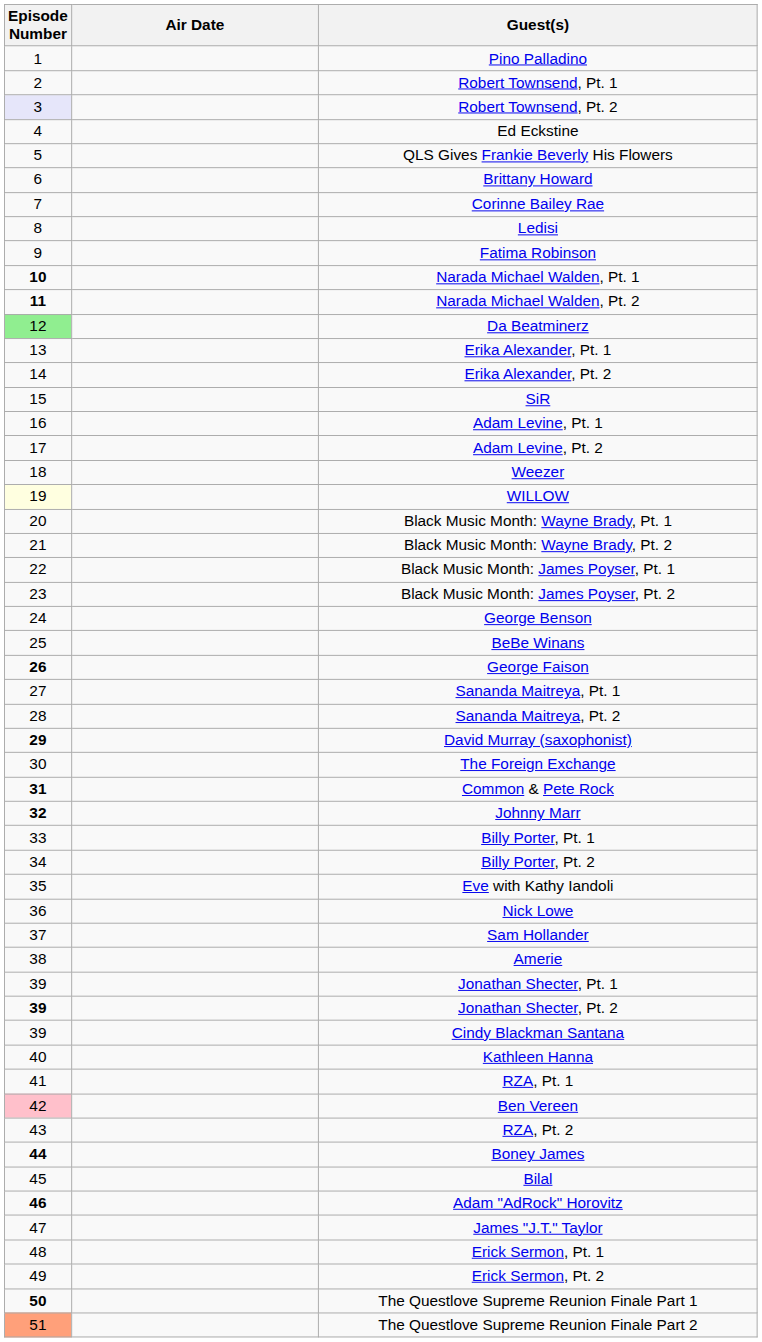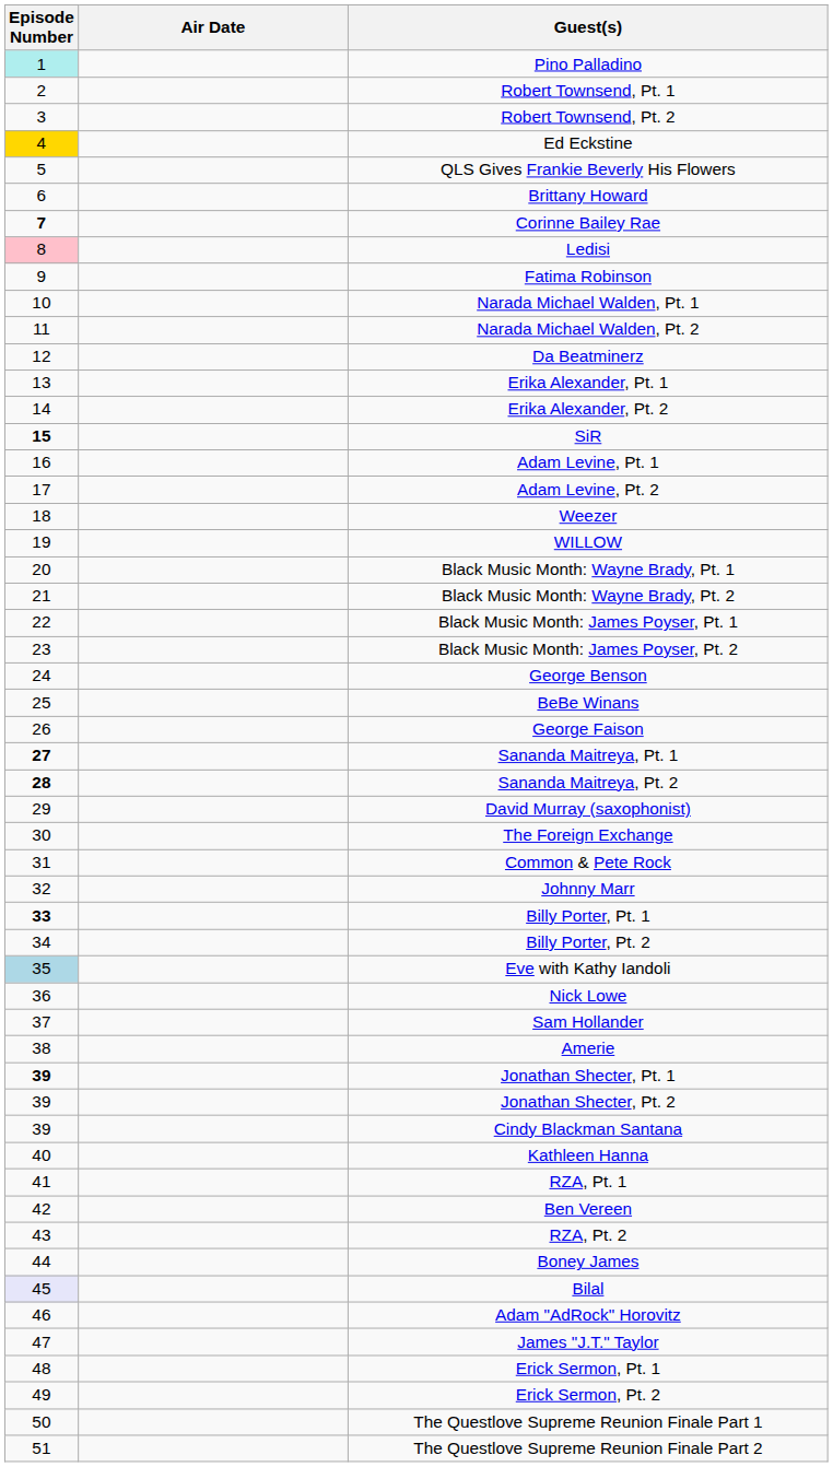 <table class="wikitable" style="text-align: center;">
 <tr>
 <th scope="col" style="width: 20px;">Episode Number</th>
 <th scope="col" style="width: 250px;">Air Date</th>
 <th scope="col" style="width: 450px;">Guest(s)</th>
 </tr>
 <tr>
-<td>1</td>
+<td style="background: paleturquoise;">1</td>
 <td></td>
 <td><a href='#'>Pino Palladino</a></td>
 </tr>
 <tr>
 <td>2</td>
 <td></td>
 <td><a href='#'>Robert Townsend</a>, Pt. 1</td>
 </tr>
 <tr>
-<td style="background: lavender;">3</td>
+<td>3</td>
 <td></td>
 <td><a href='#'>Robert Townsend</a>, Pt. 2</td>
 </tr>
 <tr>
-<td>4</td>
+<td style="background: gold;">4</td>
 <td></td>
 <td>Ed Eckstine</td>
 </tr>
 <tr>
 <td>5</td>
 <td></td>
 <td>QLS Gives <a href='#'>Frankie Beverly</a> His Flowers</td>
 </tr>
 <tr>
 <td>6</td>
 <td></td>
 <td><a href='#'>Brittany Howard</a></td>
 </tr>
 <tr>
-<td>7</td>
+<td><strong>7</strong></td>
 <td></td>
 <td><a href='#'>Corinne Bailey Rae</a></td>
 </tr>
 <tr>
-<td>8</td>
+<td style="background: pink;">8</td>
 <td></td>
 <td><a href='#'>Ledisi</a></td>
 </tr>
 <tr>
 <td>9</td>
 <td></td>
 <td><a href='#'>Fatima Robinson</a></td>
 </tr>
 <tr>
-<td><strong>10</strong></td>
+<td>10</td>
 <td></td>
 <td><a href='#'>Narada Michael Walden</a>, Pt. 1</td>
 </tr>
 <tr>
-<td><strong>11</strong></td>
+<td>11</td>
 <td></td>
 <td><a href='#'>Narada Michael Walden</a>, Pt. 2</td>
 </tr>
 <tr>
-<td style="background: lightgreen;">12</td>
+<td>12</td>
 <td></td>
 <td><a href='#'>Da Beatminerz</a></td>
 </tr>
 <tr>
 <td>13</td>
 <td></td>
 <td><a href='#'>Erika Alexander</a>, Pt. 1</td>
 </tr>
 <tr>
 <td>14</td>
 <td></td>
 <td><a href='#'>Erika Alexander</a>, Pt. 2</td>
 </tr>
 <tr>
-<td>15</td>
+<td><strong>15</strong></td>
 <td></td>
 <td><a href='#'>SiR</a></td>
 </tr>
 <tr>
 <td>16</td>
 <td></td>
 <td><a href='#'>Adam Levine</a>, Pt. 1</td>
 </tr>
 <tr>
 <td>17</td>
 <td></td>
 <td><a href='#'>Adam Levine</a>, Pt. 2</td>
 </tr>
 <tr>
 <td>18</td>
 <td></td>
 <td><a href='#'>Weezer</a></td>
 </tr>
 <tr>
-<td style="background: lightyellow;">19</td>
+<td>19</td>
 <td></td>
 <td><a href='#'>WILLOW</a></td>
 </tr>
 <tr>
 <td>20</td>
 <td></td>
 <td>Black Music Month: <a href='#'>Wayne Brady</a>, Pt. 1</td>
 </tr>
 <tr>
 <td>21</td>
 <td></td>
 <td>Black Music Month: <a href='#'>Wayne Brady</a>, Pt. 2</td>
 </tr>
 <tr>
 <td>22</td>
 <td></td>
 <td>Black Music Month: <a href='#'>James Poyser</a>, Pt. 1</td>
 </tr>
 <tr>
 <td>23</td>
 <td></td>
 <td>Black Music Month: <a href='#'>James Poyser</a>, Pt. 2</td>
 </tr>
 <tr>
 <td>24</td>
 <td></td>
 <td><a href='#'>George Benson</a></td>
 </tr>
 <tr>
 <td>25</td>
 <td></td>
 <td><a href='#'>BeBe Winans</a></td>
 </tr>
 <tr>
-<td><strong>26</strong></td>
+<td>26</td>
 <td></td>
 <td><a href='#'>George Faison</a></td>
 </tr>
 <tr>
-<td>27</td>
+<td><strong>27</strong></td>
 <td></td>
 <td><a href='#'>Sananda Maitreya</a>, Pt. 1</td>
 </tr>
 <tr>
-<td>28</td>
+<td><strong>28</strong></td>
 <td></td>
 <td><a href='#'>Sananda Maitreya</a>, Pt. 2</td>
 </tr>
 <tr>
-<td><strong>29</strong></td>
+<td>29</td>
 <td></td>
 <td><a href='#'>David Murray (saxophonist)</a></td>
 </tr>
 <tr>
 <td>30</td>
 <td></td>
 <td><a href='#'>The Foreign Exchange</a></td>
 </tr>
 <tr>
-<td><strong>31</strong></td>
+<td>31</td>
 <td></td>
 <td><a href='#'>Common</a> & <a href='#'>Pete Rock</a></td>
 </tr>
 <tr>
-<td><strong>32</strong></td>
+<td>32</td>
 <td></td>
 <td><a href='#'>Johnny Marr</a></td>
 </tr>
 <tr>
-<td>33</td>
+<td><strong>33</strong></td>
 <td></td>
 <td><a href='#'>Billy Porter</a>, Pt. 1</td>
 </tr>
 <tr>
 <td>34</td>
 <td></td>
 <td><a href='#'>Billy Porter</a>, Pt. 2</td>
 </tr>
 <tr>
-<td>35</td>
+<td style="background: lightblue;">35</td>
 <td></td>
 <td><a href='#'>Eve</a> with Kathy Iandoli</td>
 </tr>
 <tr>
 <td>36</td>
 <td></td>
 <td><a href='#'>Nick Lowe</a></td>
 </tr>
 <tr>
 <td>37</td>
 <td></td>
 <td><a href='#'>Sam Hollander</a></td>
 </tr>
 <tr>
 <td>38</td>
 <td></td>
 <td><a href='#'>Amerie</a></td>
 </tr>
 <tr>
-<td>39</td>
+<td><strong>39</strong></td>
 <td></td>
 <td><a href='#'>Jonathan Shecter</a>, Pt. 1</td>
 </tr>
 <tr>
-<td><strong>39</strong></td>
+<td>39</td>
 <td></td>
 <td><a href='#'>Jonathan Shecter</a>, Pt. 2</td>
 </tr>
 <tr>
 <td>39</td>
 <td></td>
 <td><a href='#'>Cindy Blackman Santana</a></td>
 </tr>
 <tr>
 <td>40</td>
 <td></td>
 <td><a href='#'>Kathleen Hanna</a></td>
 </tr>
 <tr>
 <td>41</td>
 <td></td>
 <td><a href='#'>RZA</a>, Pt. 1</td>
 </tr>
 <tr>
-<td style="background: pink;">42</td>
+<td>42</td>
 <td></td>
 <td><a href='#'>Ben Vereen</a></td>
 </tr>
 <tr>
 <td>43</td>
 <td></td>
 <td><a href='#'>RZA</a>, Pt. 2</td>
 </tr>
 <tr>
-<td><strong>44</strong></td>
+<td>44</td>
 <td></td>
 <td><a href='#'>Boney James</a></td>
 </tr>
 <tr>
-<td>45</td>
+<td style="background: lavender;">45</td>
 <td></td>
 <td><a href='#'>Bilal</a></td>
 </tr>
 <tr>
-<td><strong>46</strong></td>
+<td>46</td>
 <td></td>
 <td><a href='#'>Adam "AdRock" Horovitz</a></td>
 </tr>
 <tr>
 <td>47</td>
 <td></td>
 <td><a href='#'>James "J.T." Taylor</a></td>
 </tr>
 <tr>
 <td>48</td>
 <td></td>
 <td><a href='#'>Erick Sermon</a>, Pt. 1</td>
 </tr>
 <tr>
 <td>49</td>
 <td></td>
 <td><a href='#'>Erick Sermon</a>, Pt. 2</td>
 </tr>
 <tr>
-<td><strong>50</strong></td>
+<td>50</td>
 <td></td>
 <td>The Questlove Supreme Reunion Finale Part 1</td>
 </tr>
 <tr>
-<td style="background: lightsalmon;">51</td>
+<td>51</td>
 <td></td>
 <td>The Questlove Supreme Reunion Finale Part 2</td>
 </tr>
 </table>
